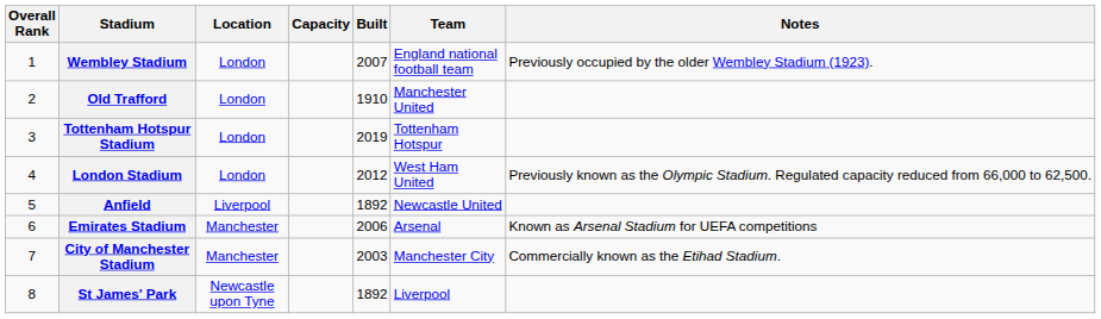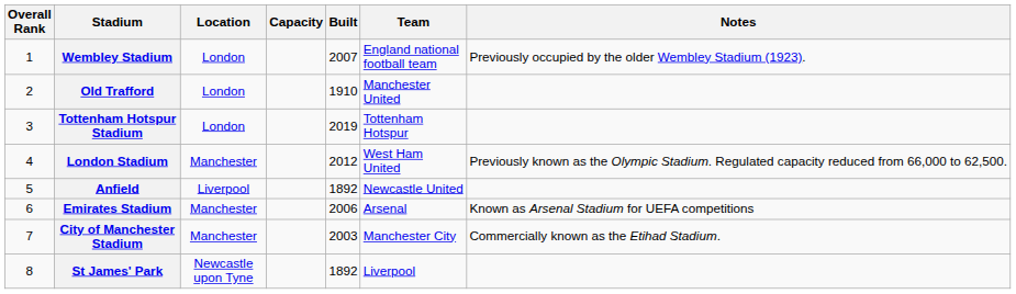 <table class="wikitable plainrowheaders sortable">
 <tr>
 <th scope="col" width="20">Overall Rank</th>
 <th scope="col" width=150>Stadium</th>
 <th scope="col" width=100>Location</th>
 <th scope="col" width=65>Capacity</th>
 <th>Built</th>
 <th scope="col" width="125">Team</th>
 <th scope="col" class="unsortable">Notes</th>
 </tr>
 <tr>
 <td style="text-align:center;">1</td>
 <th scope="row"><a href='#'>Wembley Stadium</a></th>
 <td style="text-align:center;"><a href='#'>London</a></td>
 <td style="text-align:center;"></td>
 <td>2007</td>
 <td><a href='#'>England national football team</a></td>
 <td>Previously occupied by the older <a href='#'>Wembley Stadium (1923)</a>.</td>
 </tr>
 <tr>
 <td style="text-align:center;">2</td>
 <th scope="row"><a href='#'>Old Trafford</a></th>
 <td style="text-align:center;"><a href='#'>London</a></td>
 <td style="text-align:center;"></td>
 <td>1910</td>
 <td><a href='#'>Manchester United</a></td>
 <td></td>
 </tr>
 <tr>
 <td style="text-align:center;">3</td>
 <th scope="row"><a href='#'>Tottenham Hotspur Stadium</a></th>
 <td style="text-align:center;"><a href='#'>London</a></td>
 <td style="text-align:center;"></td>
 <td>2019</td>
 <td><a href='#'>Tottenham Hotspur</a></td>
 <td></td>
 </tr>
 <tr>
 <td style="text-align:center;">4</td>
 <th scope="row"><a href='#'>London Stadium</a></th>
-<td style="text-align:center;"><a href='#'>London</a></td>
+<td style="text-align:center;"><a href='#'>Manchester</a></td>
 <td style="text-align:center;"></td>
 <td>2012</td>
 <td><a href='#'>West Ham United</a></td>
 <td>Previously known as the <em>Olympic Stadium</em>. Regulated capacity reduced from 66,000 to 62,500.</td>
 </tr>
 <tr>
 <td style="text-align:center;">5</td>
 <th scope="row"><a href='#'>Anfield</a></th>
 <td style="text-align:center;"><a href='#'>Liverpool</a></td>
 <td style="text-align:center;"></td>
 <td>1892</td>
 <td><a href='#'>Newcastle United</a></td>
 <td></td>
 </tr>
 <tr>
 <td style="text-align:center;">6</td>
 <th scope="row"><a href='#'>Emirates Stadium</a></th>
 <td style="text-align:center;"><a href='#'>Manchester</a></td>
 <td style="text-align:center;"></td>
 <td>2006</td>
 <td><a href='#'>Arsenal</a></td>
 <td>Known as <em>Arsenal Stadium</em> for UEFA competitions</td>
 </tr>
 <tr>
 <td style="text-align:center;">7</td>
 <th scope="row"><a href='#'>City of Manchester Stadium</a></th>
 <td style="text-align:center;"><a href='#'>Manchester</a></td>
 <td style="text-align:center;"></td>
 <td>2003</td>
 <td><a href='#'>Manchester City</a></td>
 <td>Commercially known as the <em>Etihad Stadium</em>.</td>
 </tr>
 <tr>
 <td style="text-align:center;">8</td>
 <th scope="row"><a href='#'>St James' Park</a></th>
 <td style="text-align:center;"><a href='#'>Newcastle upon Tyne</a></td>
 <td style="text-align:center;"></td>
 <td>1892</td>
 <td><a href='#'>Liverpool</a></td>
 <td></td>
 </tr>
 </table>
